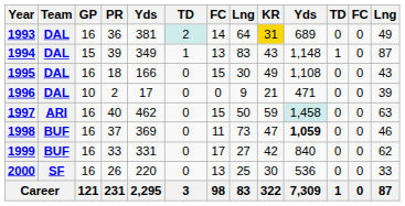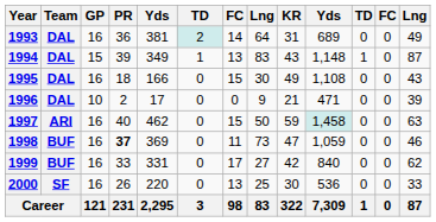 <table class="wikitable" style="text-align:center;">
 <tr>
 <th>Year</th>
 <th>Team</th>
 <th>GP</th>
 <th>PR</th>
 <th>Yds</th>
 <th>TD</th>
 <th>FC</th>
 <th>Lng</th>
 <th>KR</th>
 <th>Yds</th>
 <th>TD</th>
 <th>FC</th>
 <th>Lng</th>
 </tr>
 <tr>
 <th><a href='#'>1993</a></th>
 <th><a href='#'>DAL</a></th>
 <td>16</td>
 <td>36</td>
 <td>381</td>
 <td style="background:#cfecec; width:3em;">2</td>
 <td>14</td>
 <td>64</td>
-<td style="background: gold;">31</td>
+<td>31</td>
 <td>689</td>
 <td>0</td>
 <td>0</td>
 <td>49</td>
 </tr>
 <tr>
 <th><a href='#'>1994</a></th>
 <th><a href='#'>DAL</a></th>
 <td>15</td>
 <td>39</td>
 <td>349</td>
 <td>1</td>
 <td>13</td>
 <td>83</td>
 <td>43</td>
 <td>1,148</td>
 <td>1</td>
 <td>0</td>
 <td>87</td>
 </tr>
 <tr>
 <th><a href='#'>1995</a></th>
 <th><a href='#'>DAL</a></th>
 <td>16</td>
 <td>18</td>
 <td>166</td>
 <td>0</td>
 <td>15</td>
 <td>30</td>
 <td>49</td>
 <td>1,108</td>
 <td>0</td>
 <td>0</td>
 <td>43</td>
 </tr>
 <tr>
 <th><a href='#'>1996</a></th>
 <th><a href='#'>DAL</a></th>
 <td>10</td>
 <td>2</td>
 <td>17</td>
 <td>0</td>
 <td>0</td>
 <td>9</td>
 <td>21</td>
 <td>471</td>
 <td>0</td>
 <td>0</td>
 <td>39</td>
 </tr>
 <tr>
 <th><a href='#'>1997</a></th>
 <th><a href='#'>ARI</a></th>
 <td>16</td>
 <td>40</td>
 <td>462</td>
 <td>0</td>
 <td>15</td>
 <td>50</td>
 <td>59</td>
 <td style="background:#cfecec; width:3em;">1,458</td>
 <td>0</td>
 <td>0</td>
 <td>63</td>
 </tr>
 <tr>
 <th><a href='#'>1998</a></th>
 <th><a href='#'>BUF</a></th>
 <td>16</td>
-<td>37</td>
+<td><strong>37</strong></td>
 <td>369</td>
 <td>0</td>
 <td>11</td>
 <td>73</td>
 <td>47</td>
-<td><strong>1,059</strong></td>
+<td>1,059</td>
 <td>0</td>
 <td>0</td>
 <td>46</td>
 </tr>
 <tr>
 <th><a href='#'>1999</a></th>
 <th><a href='#'>BUF</a></th>
 <td>16</td>
 <td>33</td>
 <td>331</td>
 <td>0</td>
 <td>17</td>
 <td>27</td>
 <td>42</td>
 <td>840</td>
 <td>0</td>
 <td>0</td>
 <td>62</td>
 </tr>
 <tr>
 <th><a href='#'>2000</a></th>
 <th><a href='#'>SF</a></th>
 <td>16</td>
 <td>26</td>
 <td>220</td>
 <td>0</td>
 <td>13</td>
 <td>25</td>
 <td>30</td>
 <td>536</td>
 <td>0</td>
 <td>0</td>
 <td>33</td>
 </tr>
 <tr>
 <th colspan="2">Career</th>
 <th>121</th>
 <th>231</th>
 <th>2,295</th>
 <th>3</th>
 <th>98</th>
 <th>83</th>
 <th>322</th>
 <th>7,309</th>
 <th>1</th>
 <th>0</th>
 <th>87</th>
 </tr>
 </table>
